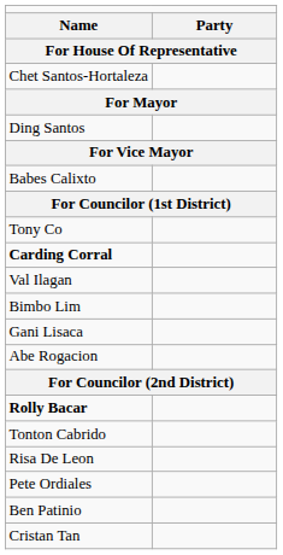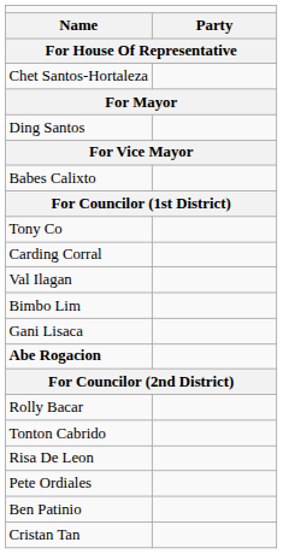 <table class=wikitable style="font-size:90%">
 <tr>
 <td colspan=5 bgcolor=></td>
 </tr>
 <tr>
 <th !width=150px>Name</th>
 <th colspan=2 width=110px>Party</th>
 </tr>
 <tr>
 <th colspan="3">For House Of Representative</th>
 </tr>
 <tr>
 <td>Chet Santos-Hortaleza</td>
 <td></td>
 </tr>
 <tr>
 <th colspan="3">For Mayor</th>
 </tr>
 <tr>
 <td>Ding Santos</td>
 <td></td>
 </tr>
 <tr>
 <th colspan="3">For Vice Mayor</th>
 </tr>
 <tr>
 <td>Babes Calixto</td>
 <td></td>
 </tr>
 <tr>
 <th colspan="3">For Councilor (1st District)</th>
 </tr>
 <tr>
 <td>Tony Co</td>
 <td></td>
 </tr>
 <tr>
-<td><strong>Carding Corral</strong></td>
+<td>Carding Corral</td>
 <td></td>
 </tr>
 <tr>
 <td>Val Ilagan</td>
 <td></td>
 </tr>
 <tr>
 <td>Bimbo Lim</td>
 <td></td>
 </tr>
 <tr>
 <td>Gani Lisaca</td>
 <td></td>
 </tr>
 <tr>
-<td>Abe Rogacion</td>
+<td><strong>Abe Rogacion</strong></td>
 <td></td>
 </tr>
 <tr>
 <th colspan="3">For Councilor (2nd District)</th>
 </tr>
 <tr>
-<td><strong>Rolly Bacar</strong></td>
+<td>Rolly Bacar</td>
 <td></td>
 </tr>
 <tr>
 <td>Tonton Cabrido</td>
 <td></td>
 </tr>
 <tr>
 <td>Risa De Leon</td>
 <td></td>
 </tr>
 <tr>
 <td>Pete Ordiales</td>
 <td></td>
 </tr>
 <tr>
 <td>Ben Patinio</td>
 <td></td>
 </tr>
 <tr>
 <td>Cristan Tan</td>
 <td></td>
 </tr>
 </table>
